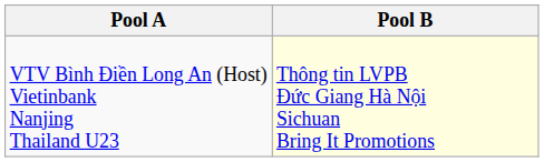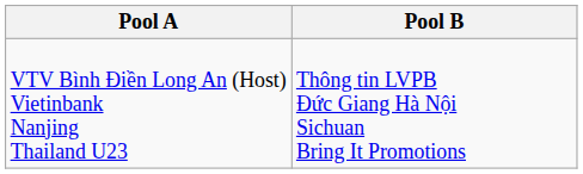 <table class="wikitable">
 <tr>
 <th width=50%>Pool A</th>
 <th width=50%>Pool B</th>
 </tr>
 <tr>
 <td><br> <a href='#'>VTV Bình Điền Long An</a> (Host) <br>  <a href='#'>Vietinbank</a> <br>  <a href='#'>Nanjing</a> <br>  <a href='#'>Thailand U23</a> <br></td>
-<td style="background: lightyellow;"><br> <a href='#'>Thông tin LVPB</a> <br>  <a href='#'>Đức Giang Hà Nội</a> <br>  <a href='#'>Sichuan</a>  <br>  <a href='#'>Bring It Promotions</a></td>
+<td><br> <a href='#'>Thông tin LVPB</a> <br>  <a href='#'>Đức Giang Hà Nội</a> <br>  <a href='#'>Sichuan</a>  <br>  <a href='#'>Bring It Promotions</a></td>
 </tr>
 </table>
